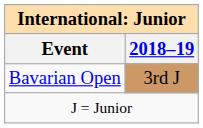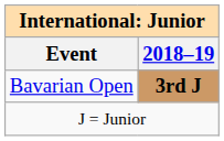 <table class="wikitable" style="text-align:center">
 <tr>
 <th style="background-color: #ffdead; " colspan=2 align=center>International: Junior </th>
 </tr>
 <tr>
 <th>Event</th>
 <th><a href='#'>2018–19</a></th>
 </tr>
 <tr>
 <td align=left><a href='#'>Bavarian Open</a></td>
-<td bgcolor=cc9966>3rd J</td>
+<td bgcolor=cc9966><strong>3rd J</strong></td>
 </tr>
 <tr>
 <td colspan=2 align=center><small>J = Junior </small></td>
 </tr>
 </table>
